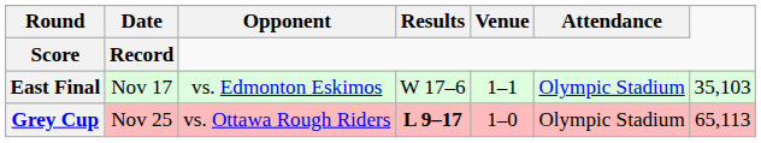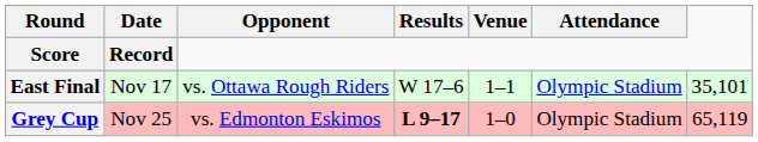 <table class="wikitable" style="text-align:center">
 <tr>
 <th>Round</th>
 <th>Date</th>
 <th>Opponent</th>
 <th>Results</th>
 <th>Venue</th>
 <th>Attendance</th>
 </tr>
 <tr>
 <th>Score</th>
 <th>Record</th>
 </tr>
 <tr style="background:#ddffdd">
 <th>East Final</th>
 <td>Nov 17</td>
-<td>vs. <a href='#'>Edmonton Eskimos</a></td>
+<td>vs. <a href='#'>Ottawa Rough Riders</a></td>
 <td>W 17–6</td>
 <td>1–1</td>
 <td><a href='#'>Olympic Stadium</a></td>
-<td>35,103</td>
+<td>35,101</td>
 </tr>
 <tr style="background:#ffbbbb">
 <th><a href='#'>Grey Cup</a></th>
 <td>Nov 25</td>
-<td>vs. <a href='#'>Ottawa Rough Riders</a></td>
+<td>vs. <a href='#'>Edmonton Eskimos</a></td>
 <td><strong>L 9–17</strong></td>
 <td>1–0</td>
 <td>Olympic Stadium</td>
-<td>65,113</td>
+<td>65,119</td>
 </tr>
 </table>
